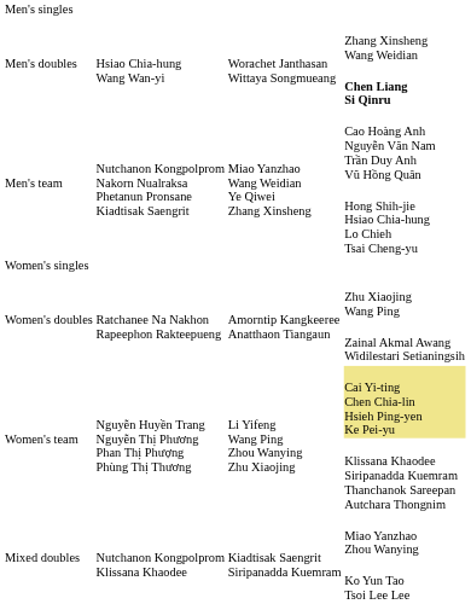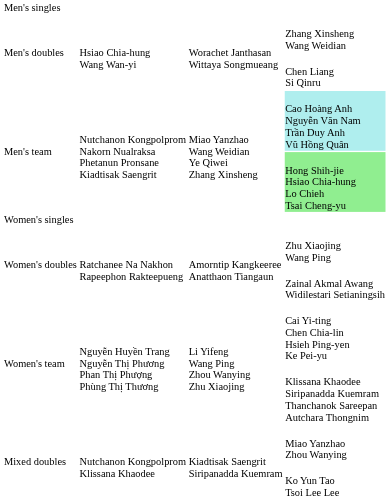 <table>
 <tr>
 <td rowspan=2>Men's singles</td>
 <td rowspan=2></td>
 <td rowspan=2></td>
 <td></td>
 </tr>
 <tr>
 <td></td>
 </tr>
 <tr>
 <td rowspan=2>Men's doubles</td>
 <td rowspan=2><br>Hsiao Chia-hung<br>Wang Wan-yi</td>
 <td rowspan=2><br>Worachet Janthasan<br>Wittaya Songmueang</td>
 <td><br>Zhang Xinsheng<br>Wang Weidian</td>
 </tr>
 <tr>
-<td><strong><br>Chen Liang<br>Si Qinru</strong></td>
+<td><br>Chen Liang<br>Si Qinru</td>
 </tr>
 <tr>
 <td rowspan=2>Men's team</td>
 <td rowspan=2><br>Nutchanon Kongpolprom<br>Nakorn Nualraksa<br>Phetanun Pronsane<br>Kiadtisak Saengrit</td>
 <td rowspan=2><br>Miao Yanzhao<br>Wang Weidian<br>Ye Qiwei<br>Zhang Xinsheng</td>
-<td><br>Cao Hoàng Anh<br>Nguyễn Văn Nam<br>Trần Duy Anh<br>Vũ Hồng Quân</td>
+<td style="background: paleturquoise;"><br>Cao Hoàng Anh<br>Nguyễn Văn Nam<br>Trần Duy Anh<br>Vũ Hồng Quân</td>
 </tr>
 <tr>
-<td><br>Hong Shih-jie<br>Hsiao Chia-hung<br>Lo Chieh<br>Tsai Cheng-yu</td>
+<td style="background: lightgreen;"><br>Hong Shih-jie<br>Hsiao Chia-hung<br>Lo Chieh<br>Tsai Cheng-yu</td>
 </tr>
 <tr>
 <td rowspan=2>Women's singles</td>
 <td rowspan=2></td>
 <td rowspan=2></td>
 <td></td>
 </tr>
 <tr>
 <td></td>
 </tr>
 <tr>
 <td rowspan=2>Women's doubles</td>
 <td rowspan=2><br>Ratchanee Na Nakhon<br>Rapeephon Rakteepueng</td>
 <td rowspan=2><br>Amorntip Kangkeeree<br>Anatthaon Tiangaun</td>
 <td><br>Zhu Xiaojing<br>Wang Ping</td>
 </tr>
 <tr>
 <td><br>Zainal Akmal Awang<br>Widilestari Setianingsih</td>
 </tr>
 <tr>
 <td rowspan=2>Women's team</td>
 <td rowspan=2><br>Nguyễn Huyền Trang<br>Nguyễn Thị Phương<br>Phan Thị Phượng<br>Phùng Thị Thương</td>
 <td rowspan=2><br>Li Yifeng<br>Wang Ping<br>Zhou Wanying<br>Zhu Xiaojing</td>
-<td style="background: khaki;"><br>Cai Yi-ting<br>Chen Chia-lin<br>Hsieh Ping-yen<br>Ke Pei-yu</td>
+<td><br>Cai Yi-ting<br>Chen Chia-lin<br>Hsieh Ping-yen<br>Ke Pei-yu</td>
 </tr>
 <tr>
 <td><br>Klissana Khaodee<br>Siripanadda Kuemram<br>Thanchanok Sareepan<br>Autchara Thongnim</td>
 </tr>
 <tr>
 <td rowspan=2>Mixed doubles</td>
 <td rowspan=2><br>Nutchanon Kongpolprom<br>Klissana Khaodee</td>
 <td rowspan=2><br>Kiadtisak Saengrit<br>Siripanadda Kuemram</td>
 <td><br>Miao Yanzhao<br>Zhou Wanying</td>
 </tr>
 <tr>
 <td><br>Ko Yun Tao<br>Tsoi Lee Lee</td>
 </tr>
 </table>
